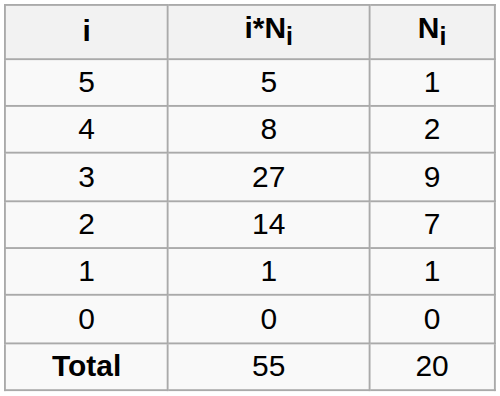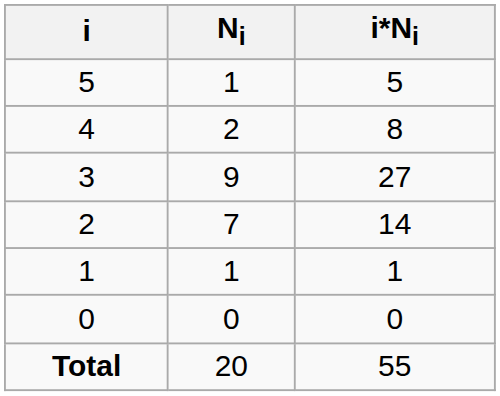 <table class="wikitable">
 <tr>
 <th style="width: 80px">i</th>
+<th style="width: 60px">N<sub>i</sub></th>
 <th style="width: 100px">i*N<sub>i</sub></th>
-<th style="width: 60px">N<sub>i</sub></th>
 </tr>
 <tr>
 <td style=" text-align:center">5</td>
+<td style=" text-align:center">1</td>
 <td style=" text-align:center">5</td>
-<td style=" text-align:center">1</td>
 </tr>
 <tr>
 <td style=" text-align:center">4</td>
+<td style=" text-align:center">2</td>
 <td style=" text-align:center">8</td>
-<td style=" text-align:center">2</td>
 </tr>
 <tr>
 <td style=" text-align:center">3</td>
+<td style=" text-align:center">9</td>
 <td style=" text-align:center">27</td>
-<td style=" text-align:center">9</td>
 </tr>
 <tr>
 <td style=" text-align:center">2</td>
+<td style=" text-align:center">7</td>
 <td style=" text-align:center">14</td>
-<td style=" text-align:center">7</td>
 </tr>
 <tr>
 <td style=" text-align:center">1</td>
 <td style=" text-align:center">1</td>
 <td style=" text-align:center">1</td>
 </tr>
 <tr>
 <td style=" text-align:center">0</td>
 <td style=" text-align:center">0</td>
 <td style=" text-align:center">0</td>
 </tr>
 <tr>
 <td style=" text-align:center"><strong>Total</strong></td>
+<td style=" text-align:center">20</td>
 <td style=" text-align:center">55</td>
-<td style=" text-align:center">20</td>
 </tr>
 </table>
